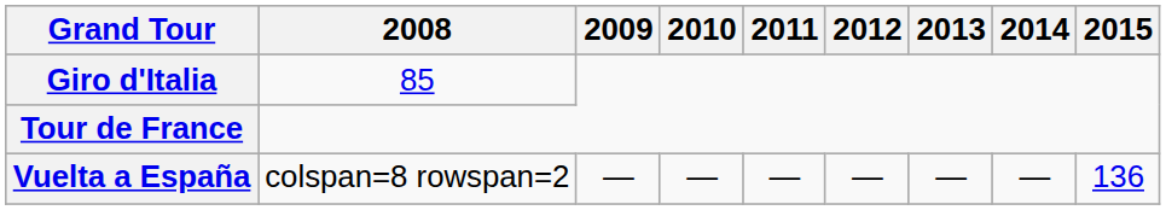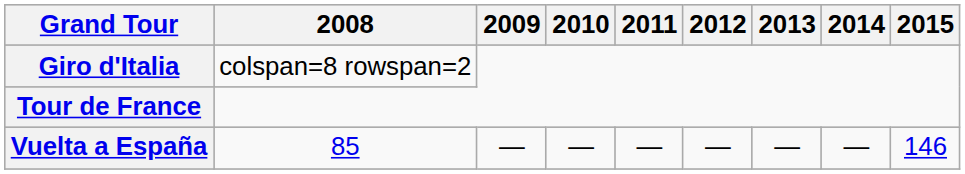 <table class="wikitable plainrowheaders">
 <tr>
 <th scope="col"><a href='#'>Grand Tour</a></th>
 <th scope="col">2008</th>
 <th scope="col">2009</th>
 <th scope="col">2010</th>
 <th scope="col">2011</th>
 <th scope="col">2012</th>
 <th scope="col">2013</th>
 <th scope="col">2014</th>
 <th scope="col">2015</th>
 </tr>
 <tr style="text-align:center;">
 <th scope="row"> <a href='#'>Giro d'Italia</a></th>
-<td><a href='#'>85</a></td>
+<td>colspan=8 rowspan=2 </td>
 </tr>
 <tr style="text-align:center;">
 <th scope="row"> <a href='#'>Tour de France</a></th>
 </tr>
 <tr style="text-align:center;">
 <th scope="row"> <a href='#'>Vuelta a España</a></th>
-<td>colspan=8 rowspan=2 </td>
+<td><a href='#'>85</a></td>
 <td>—</td>
 <td>—</td>
 <td>—</td>
 <td>—</td>
 <td>—</td>
 <td>—</td>
-<td><a href='#'>136</a></td>
+<td><a href='#'>146</a></td>
 </tr>
 </table>
